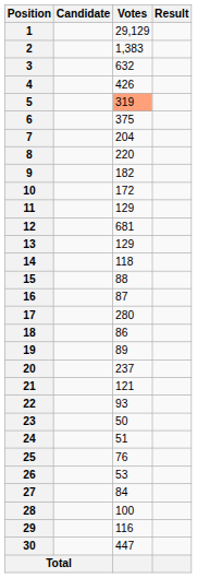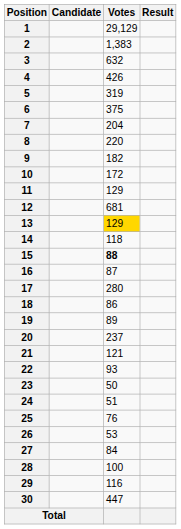 <table class="wikitable sortable col3right">
 <tr>
 <th scope="col">Position</th>
 <th scope="col">Candidate</th>
 <th scope="col">Votes</th>
 <th scope="col">Result</th>
 </tr>
 <tr>
 <th scope="row">1</th>
 <td></td>
 <td>29,129</td>
 <td></td>
 </tr>
 <tr>
 <th scope="row">2</th>
 <td></td>
 <td>1,383</td>
 <td></td>
 </tr>
 <tr>
 <th scope="row">3</th>
 <td></td>
 <td>632</td>
 <td></td>
 </tr>
 <tr>
 <th scope="row">4</th>
 <td></td>
 <td>426</td>
 <td></td>
 </tr>
 <tr>
 <th scope="row">5</th>
 <td></td>
-<td style="background: lightsalmon;">319</td>
+<td>319</td>
 <td></td>
 </tr>
 <tr>
 <th scope="row">6</th>
 <td></td>
 <td>375</td>
 <td></td>
 </tr>
 <tr>
 <th scope="row">7</th>
 <td></td>
 <td>204</td>
 <td></td>
 </tr>
 <tr>
 <th scope="row">8</th>
 <td></td>
 <td>220</td>
 <td></td>
 </tr>
 <tr>
 <th scope="row">9</th>
 <td></td>
 <td>182</td>
 <td></td>
 </tr>
 <tr>
 <th scope="row">10</th>
 <td></td>
 <td>172</td>
 <td></td>
 </tr>
 <tr>
 <th scope="row">11</th>
 <td></td>
 <td>129</td>
 <td></td>
 </tr>
 <tr>
 <th scope="row">12</th>
 <td></td>
 <td>681</td>
 <td></td>
 </tr>
 <tr>
 <th scope="row">13</th>
 <td></td>
-<td>129</td>
+<td style="background: gold;">129</td>
 <td></td>
 </tr>
 <tr>
 <th scope="row">14</th>
 <td></td>
 <td>118</td>
 <td></td>
 </tr>
 <tr>
 <th scope="row">15</th>
 <td></td>
-<td>88</td>
+<td><strong>88</strong></td>
 <td></td>
 </tr>
 <tr>
 <th scope="row">16</th>
 <td></td>
 <td>87</td>
 <td></td>
 </tr>
 <tr>
 <th scope="row">17</th>
 <td></td>
 <td>280</td>
 <td></td>
 </tr>
 <tr>
 <th scope="row">18</th>
 <td></td>
 <td>86</td>
 <td></td>
 </tr>
 <tr>
 <th scope="row">19</th>
 <td></td>
 <td>89</td>
 <td></td>
 </tr>
 <tr>
 <th scope="row">20</th>
 <td></td>
 <td>237</td>
 <td></td>
 </tr>
 <tr>
 <th scope="row">21</th>
 <td></td>
 <td>121</td>
 <td></td>
 </tr>
 <tr>
 <th scope="row">22</th>
 <td></td>
 <td>93</td>
 <td></td>
 </tr>
 <tr>
 <th scope="row">23</th>
 <td></td>
 <td>50</td>
 <td></td>
 </tr>
 <tr>
 <th scope="row">24</th>
 <td></td>
 <td>51</td>
 <td></td>
 </tr>
 <tr>
 <th scope="row">25</th>
 <td></td>
 <td>76</td>
 <td></td>
 </tr>
 <tr>
 <th scope="row">26</th>
 <td></td>
 <td>53</td>
 <td></td>
 </tr>
 <tr>
 <th scope="row">27</th>
 <td></td>
 <td>84</td>
 <td></td>
 </tr>
 <tr>
 <th scope="row">28</th>
 <td></td>
 <td>100</td>
 <td></td>
 </tr>
 <tr>
 <th scope="row">29</th>
 <td></td>
 <td>116</td>
 <td></td>
 </tr>
 <tr>
 <th scope="row">30</th>
 <td></td>
 <td>447</td>
 <td></td>
 </tr>
 <tr class="sortbottom">
 <th scope="row" colspan="2">Total</th>
 <th></th>
 <th></th>
 </tr>
 </table>
